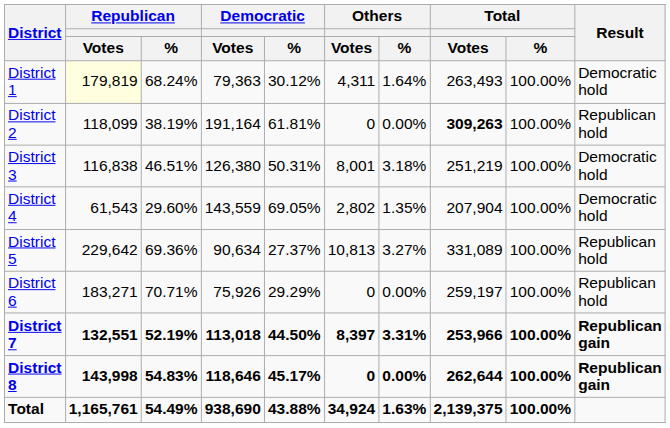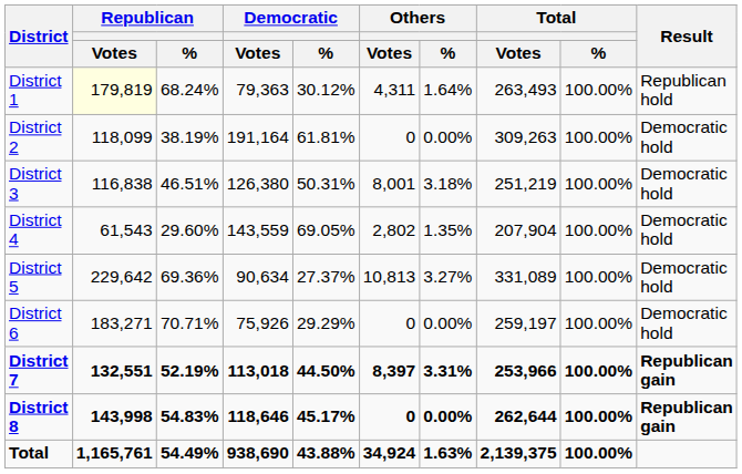 <table class="wikitable plainrowheaders sortable" style="font-size:100%; text-align:right;">
 <tr>
 <th scope=col rowspan=3><a href='#'>District</a></th>
 <th scope=col colspan=2><a href='#'>Republican</a></th>
 <th scope=col colspan=2><a href='#'>Democratic</a></th>
 <th scope=col colspan=2>Others</th>
 <th scope=col colspan=2>Total</th>
 <th scope=col rowspan=3>Result</th>
 </tr>
 <tr>
 <th scope=col colspan=2 style="background:"></th>
 <th scope=col colspan=2 style="background:"></th>
 <th scope=col colspan=2></th>
 <th scope=col colspan=2></th>
 </tr>
 <tr>
 <th scope=col data-sort-type="number">Votes</th>
 <th scope=col data-sort-type="number">%</th>
 <th scope=col data-sort-type="number">Votes</th>
 <th scope=col data-sort-type="number">%</th>
 <th scope=col data-sort-type="number">Votes</th>
 <th scope=col data-sort-type="number">%</th>
 <th scope=col data-sort-type="number">Votes</th>
 <th scope=col data-sort-type="number">%</th>
 </tr>
 <tr>
 <td align=left><a href='#'>District 1</a></td>
 <td style="background: lightyellow;">179,819</td>
 <td>68.24%</td>
 <td>79,363</td>
 <td>30.12%</td>
 <td>4,311</td>
 <td>1.64%</td>
 <td>263,493</td>
 <td>100.00%</td>
-<td align=left>Democratic hold</td>
+<td align=left>Republican hold</td>
 </tr>
 <tr>
 <td align=left><a href='#'>District 2</a></td>
 <td>118,099</td>
 <td>38.19%</td>
 <td>191,164</td>
 <td>61.81%</td>
 <td>0</td>
 <td>0.00%</td>
-<td><strong>309,263</strong></td>
+<td>309,263</td>
 <td>100.00%</td>
-<td align=left>Republican hold</td>
+<td align=left>Democratic hold</td>
 </tr>
 <tr>
 <td align=left><a href='#'>District 3</a></td>
 <td>116,838</td>
 <td>46.51%</td>
 <td>126,380</td>
 <td>50.31%</td>
 <td>8,001</td>
 <td>3.18%</td>
 <td>251,219</td>
 <td>100.00%</td>
 <td align=left>Democratic hold</td>
 </tr>
 <tr>
 <td align=left><a href='#'>District 4</a></td>
 <td>61,543</td>
 <td>29.60%</td>
 <td>143,559</td>
 <td>69.05%</td>
 <td>2,802</td>
 <td>1.35%</td>
 <td>207,904</td>
 <td>100.00%</td>
 <td align=left>Democratic hold</td>
 </tr>
 <tr>
 <td align=left><a href='#'>District 5</a></td>
 <td>229,642</td>
 <td>69.36%</td>
 <td>90,634</td>
 <td>27.37%</td>
 <td>10,813</td>
 <td>3.27%</td>
 <td>331,089</td>
 <td>100.00%</td>
-<td align=left>Republican hold</td>
+<td align=left>Democratic hold</td>
 </tr>
 <tr>
 <td align=left><a href='#'>District 6</a></td>
 <td>183,271</td>
 <td>70.71%</td>
 <td>75,926</td>
 <td>29.29%</td>
 <td>0</td>
 <td>0.00%</td>
 <td>259,197</td>
 <td>100.00%</td>
-<td align=left>Republican hold</td>
+<td align=left>Democratic hold</td>
 </tr>
 <tr>
 <td align=left><strong><a href='#'>District 7</a></strong></td>
 <td><strong>132,551</strong></td>
 <td><strong>52.19%</strong></td>
 <td><strong>113,018</strong></td>
 <td><strong>44.50%</strong></td>
 <td><strong>8,397</strong></td>
 <td><strong>3.31%</strong></td>
 <td><strong>253,966</strong></td>
 <td><strong>100.00%</strong></td>
 <td align=left><strong>Republican gain</strong></td>
 </tr>
 <tr>
 <td align=left><strong><a href='#'>District 8</a></strong></td>
 <td><strong>143,998</strong></td>
 <td><strong>54.83%</strong></td>
 <td><strong>118,646</strong></td>
 <td><strong>45.17%</strong></td>
 <td><strong>0</strong></td>
 <td><strong>0.00%</strong></td>
 <td><strong>262,644</strong></td>
 <td><strong>100.00%</strong></td>
 <td align=left><strong>Republican gain</strong></td>
 </tr>
 <tr class="sortbottom" style="font-weight:bold">
 <td align=left>Total</td>
 <td>1,165,761</td>
 <td>54.49%</td>
 <td>938,690</td>
 <td>43.88%</td>
 <td>34,924</td>
 <td>1.63%</td>
 <td>2,139,375</td>
 <td>100.00%</td>
 <td></td>
 </tr>
 </table>
